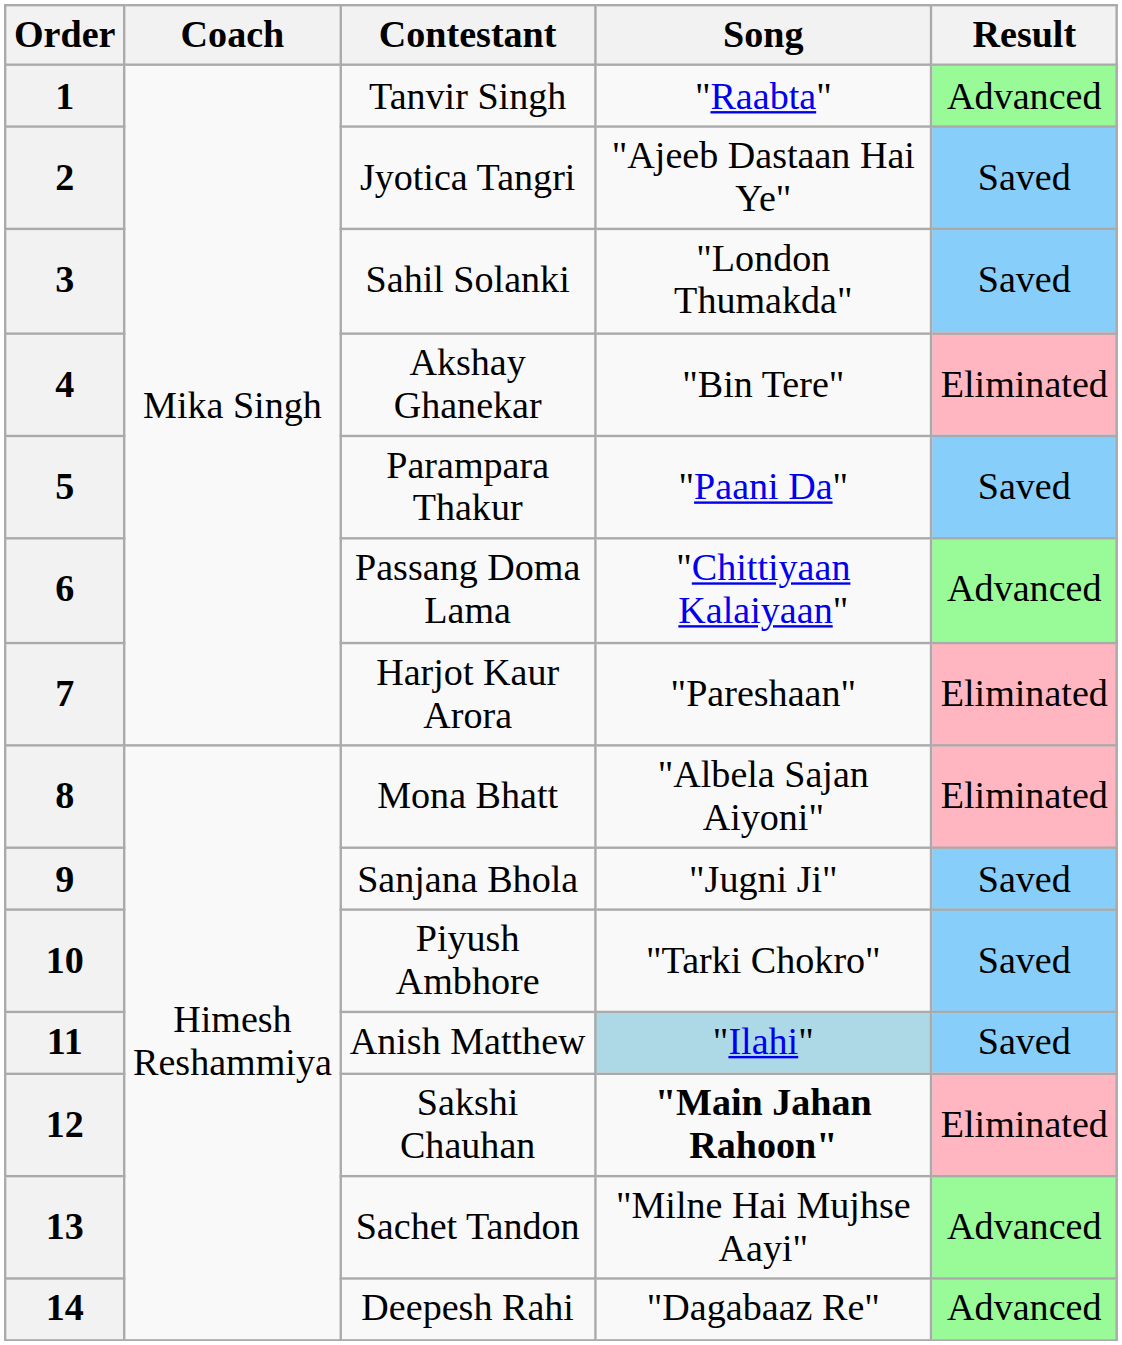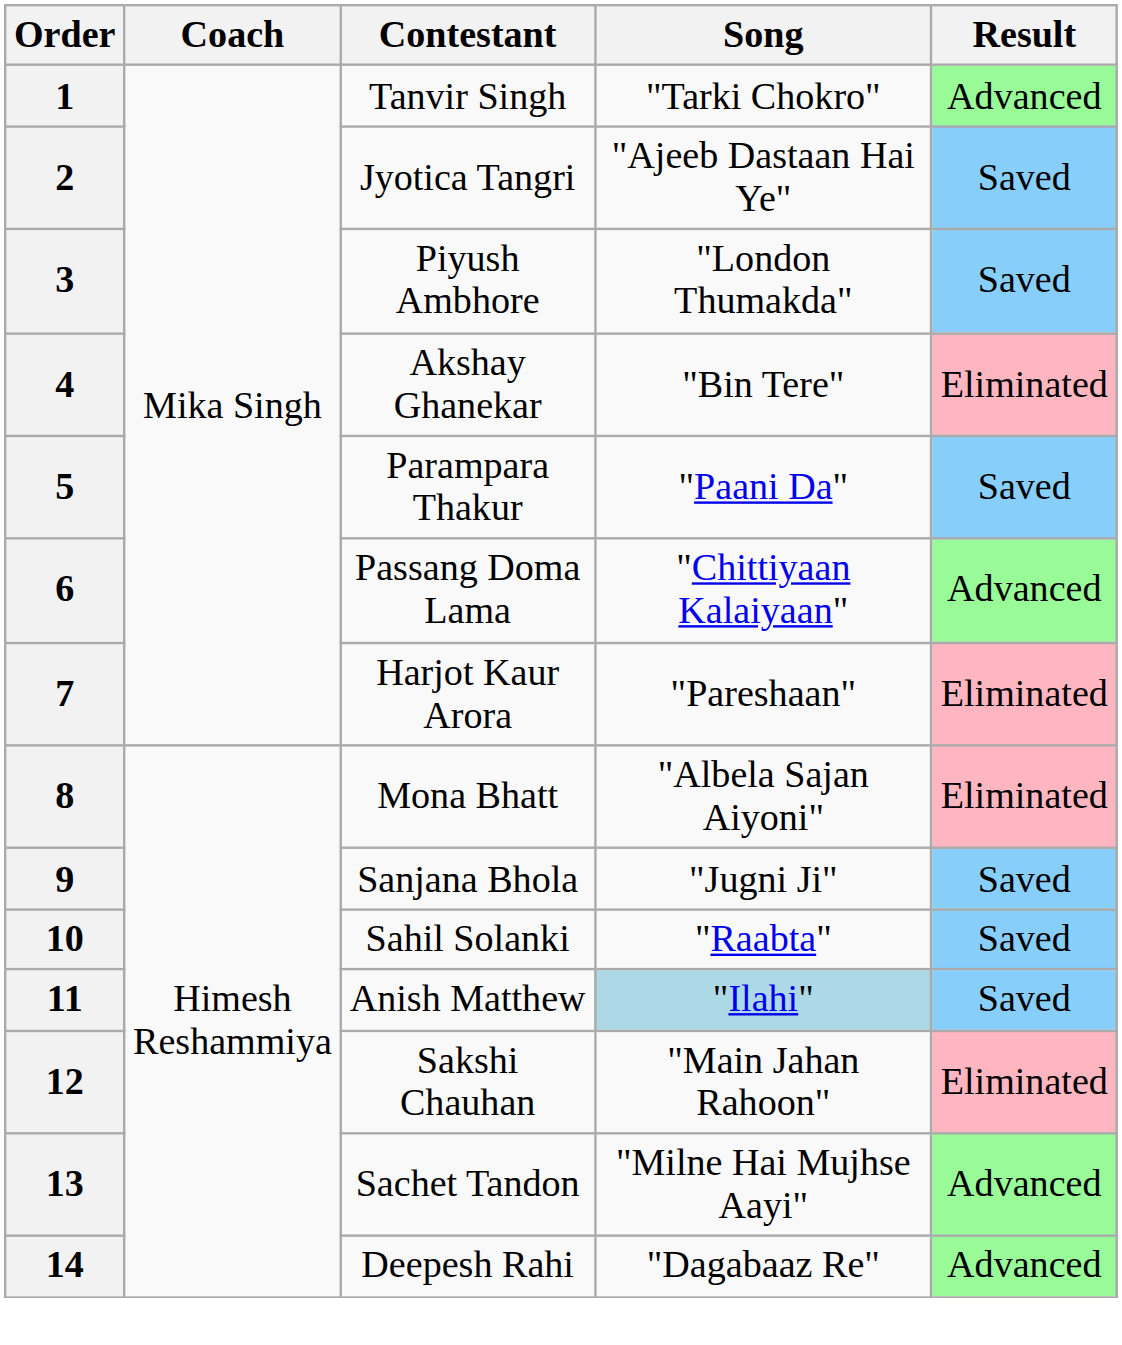 <table class="wikitable" style="width:75%; text-align:center;">
 <tr>
 <th width="040">Order</th>
 <th width="060">Coach</th>
 <th width="150">Contestant</th>
 <th width="250">Song</th>
 <th width="070">Result</th>
 </tr>
 <tr>
 <th>1</th>
 <td rowspan=7>Mika Singh</td>
 <td>Tanvir Singh</td>
-<td>"<a href='#'>Raabta</a>"</td>
+<td>"Tarki Chokro"</td>
 <td bgcolor="98FB98">Advanced</td>
 </tr>
 <tr>
 <th>2</th>
 <td>Jyotica Tangri</td>
 <td>"Ajeeb Dastaan Hai Ye"</td>
 <td bgcolor="87CEFA">Saved</td>
 </tr>
 <tr>
 <th>3</th>
-<td>Sahil Solanki</td>
+<td>Piyush Ambhore</td>
 <td>"London Thumakda"</td>
 <td bgcolor="87CEFA">Saved</td>
 </tr>
 <tr>
 <th>4</th>
 <td>Akshay Ghanekar</td>
 <td>"Bin Tere"</td>
 <td bgcolor="FFB6C1">Eliminated</td>
 </tr>
 <tr>
 <th>5</th>
 <td>Parampara Thakur</td>
 <td>"<a href='#'>Paani Da</a>"</td>
 <td bgcolor="87CEFA">Saved</td>
 </tr>
 <tr>
 <th>6</th>
 <td>Passang Doma Lama</td>
 <td>"<a href='#'>Chittiyaan Kalaiyaan</a>"</td>
 <td bgcolor="98FB98">Advanced</td>
 </tr>
 <tr>
 <th>7</th>
 <td>Harjot Kaur Arora</td>
 <td>"Pareshaan"</td>
 <td bgcolor="FFB6C1">Eliminated</td>
 </tr>
 <tr>
 <th>8</th>
 <td rowspan=7>Himesh Reshammiya</td>
 <td>Mona Bhatt</td>
 <td>"Albela Sajan Aiyoni"</td>
 <td bgcolor="FFB6C1">Eliminated</td>
 </tr>
 <tr>
 <th>9</th>
 <td>Sanjana Bhola</td>
 <td>"Jugni Ji"</td>
 <td bgcolor="87CEFA">Saved</td>
 </tr>
 <tr>
 <th>10</th>
-<td>Piyush Ambhore</td>
-<td>"Tarki Chokro"</td>
+<td>Sahil Solanki</td>
+<td>"<a href='#'>Raabta</a>"</td>
 <td bgcolor="87CEFA">Saved</td>
 </tr>
 <tr>
 <th>11</th>
 <td>Anish Matthew</td>
 <td style="background: lightblue;">"<a href='#'>Ilahi</a>"</td>
 <td bgcolor="87CEFA">Saved</td>
 </tr>
 <tr>
 <th>12</th>
 <td>Sakshi Chauhan</td>
-<td><strong>"Main Jahan Rahoon"</strong></td>
+<td>"Main Jahan Rahoon"</td>
 <td bgcolor="FFB6C1">Eliminated</td>
 </tr>
 <tr>
 <th>13</th>
 <td>Sachet Tandon</td>
 <td>"Milne Hai Mujhse Aayi"</td>
 <td bgcolor="98FB98">Advanced</td>
 </tr>
 <tr>
 <th>14</th>
 <td>Deepesh Rahi</td>
 <td>"Dagabaaz Re"</td>
 <td bgcolor="98FB98">Advanced</td>
 </tr>
 </table>
